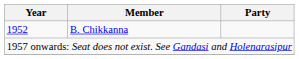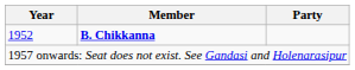 <table class="wikitable sortable">
 <tr>
 <th>Year</th>
 <th>Member</th>
 <th colspan="2">Party</th>
 </tr>
 <tr>
 <td><a href='#'>1952</a></td>
-<td><a href='#'>B. Chikkanna</a></td>
+<td><strong><a href='#'>B. Chikkanna</a></strong></td>
 <td></td>
 </tr>
 <tr>
 <td colspan="6" align="center">1957 onwards: <em>Seat does not exist. See <a href='#'>Gandasi</a> and <a href='#'>Holenarasipur</a></em></td>
 </tr>
 <tr>
 </tr>
 </table>
